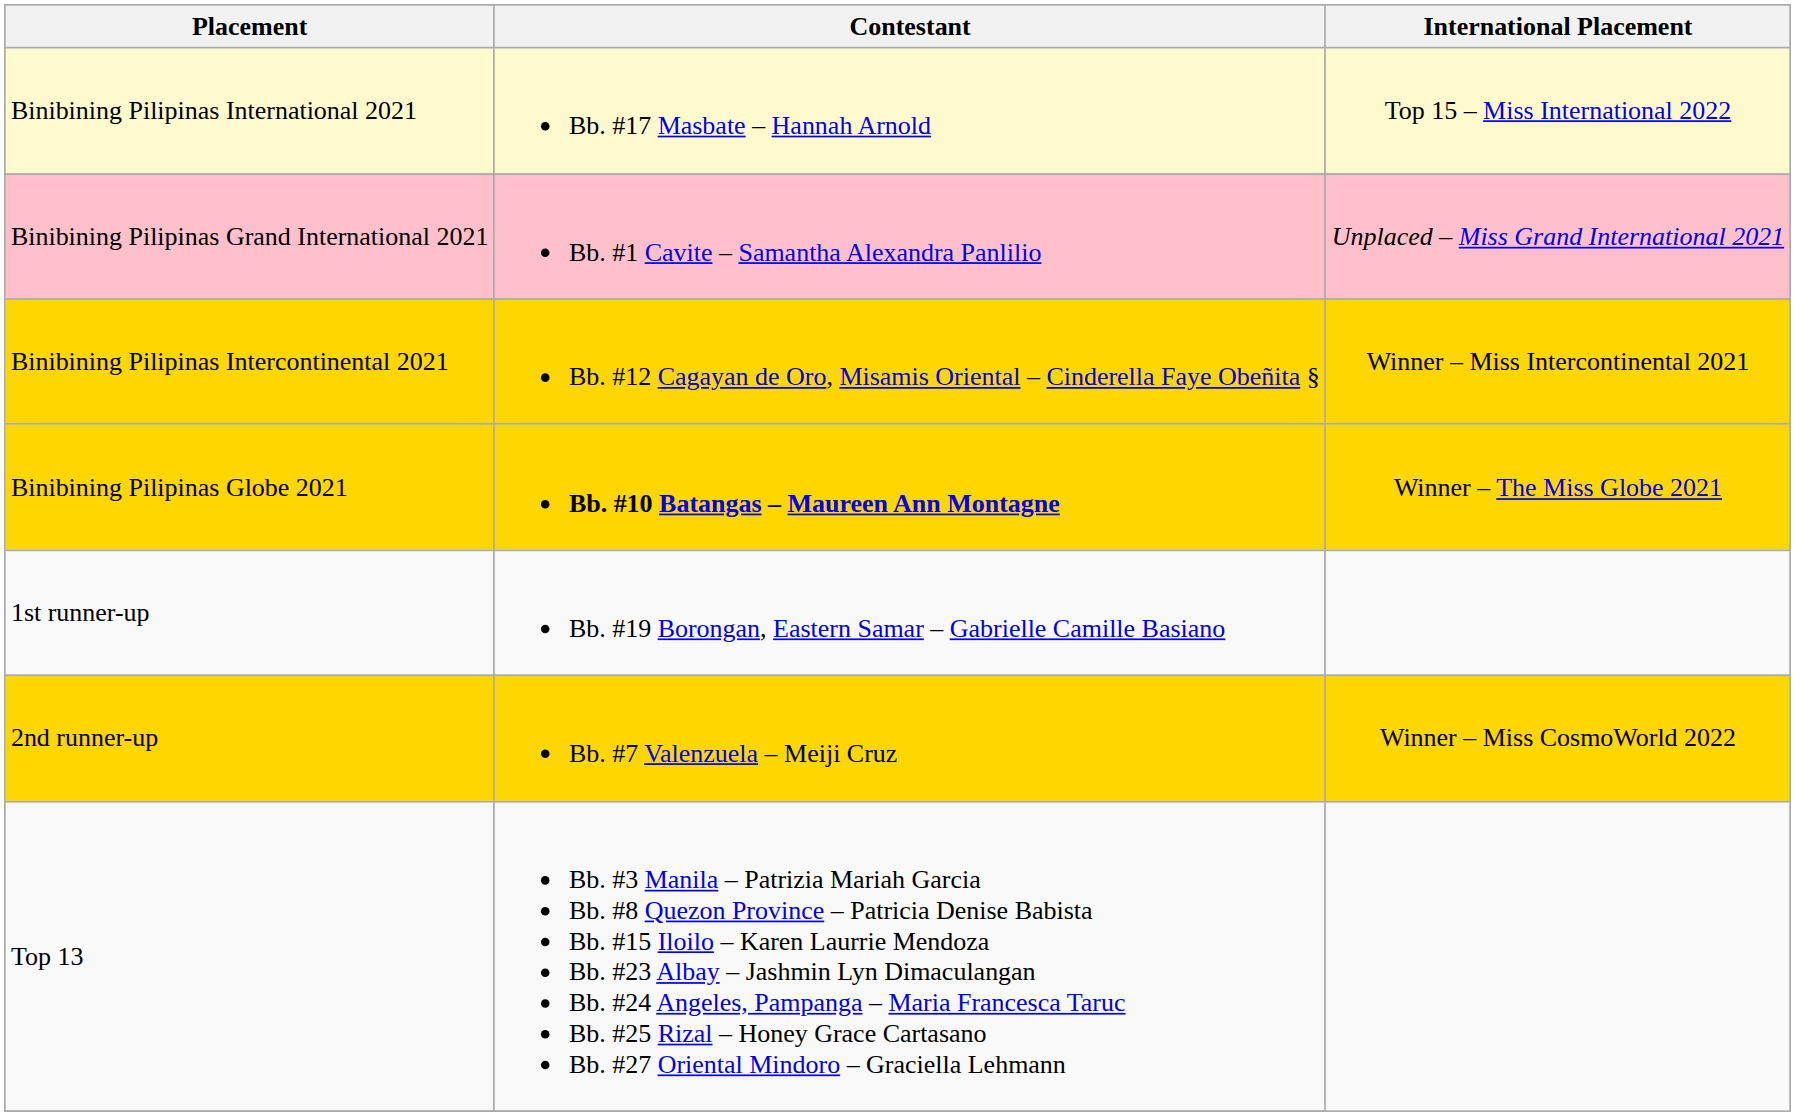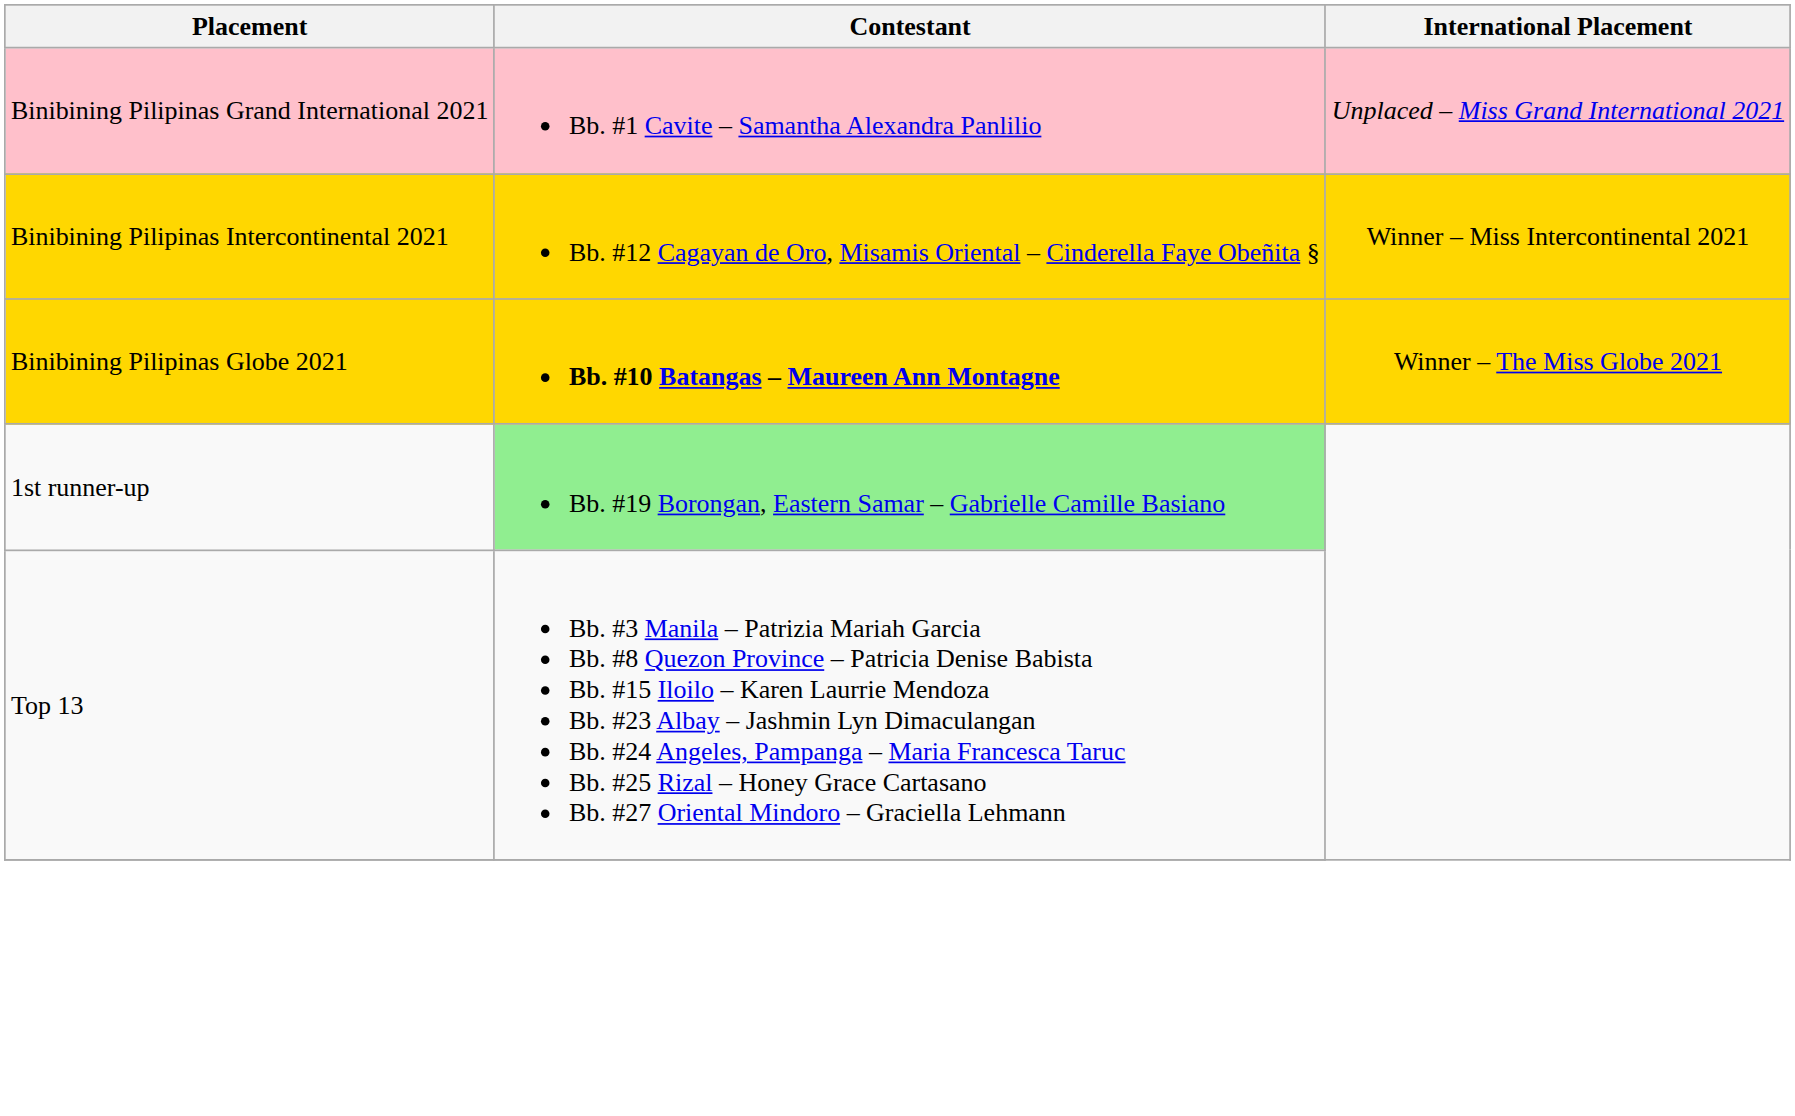 <table class="wikitable sortable" style="font-size:95%;">
 <tr>
 <th>Placement</th>
 <th>Contestant</th>
 <th>International Placement</th>
-</tr>
-<tr style="background:#FFFACD;">
-<td>Binibining Pilipinas International 2021</td>
-<td><br><ul><li>Bb. #17 <a href='#'>Masbate</a> – <a href='#'>Hannah Arnold</a></li></ul></td>
-<td align=center>Top 15 – <a href='#'>Miss International 2022</a></td>
 </tr>
 <tr style="background:pink;">
 <td>Binibining Pilipinas Grand International 2021</td>
 <td><br><ul><li>Bb. #1 <a href='#'>Cavite</a> – <a href='#'>Samantha Alexandra Panlilio</a></li></ul></td>
 <td align=center><em>Unplaced – <a href='#'>Miss Grand International 2021</a></em></td>
 </tr>
 <tr style="background:gold;">
 <td>Binibining Pilipinas Intercontinental 2021</td>
 <td><br><ul><li>Bb. #12 <a href='#'>Cagayan de Oro</a>, <a href='#'>Misamis Oriental</a> – <a href='#'>Cinderella Faye Obeñita</a> §</li></ul></td>
 <td align=center>Winner – Miss Intercontinental 2021</td>
 </tr>
 <tr style="background:gold;">
 <td>Binibining Pilipinas Globe 2021</td>
 <td><strong><br><ul><li>Bb. #10 <a href='#'>Batangas</a> – <a href='#'>Maureen Ann Montagne</a></li></ul></strong></td>
 <td align=center>Winner – <a href='#'>The Miss Globe 2021</a></td>
 </tr>
 <tr>
 <td>1st runner-up</td>
-<td><br><ul><li>Bb. #19 <a href='#'>Borongan</a>, <a href='#'>Eastern Samar</a> – <a href='#'>Gabrielle Camille Basiano</a></li></ul></td>
-</tr>
-<tr style="background:gold;">
-<td>2nd runner-up</td>
-<td><br><ul><li>Bb. #7 <a href='#'>Valenzuela</a> – Meiji Cruz<br><em></em></li></ul></td>
-<td align=center>Winner – Miss CosmoWorld 2022</td>
+<td style="background: lightgreen;"><br><ul><li>Bb. #19 <a href='#'>Borongan</a>, <a href='#'>Eastern Samar</a> – <a href='#'>Gabrielle Camille Basiano</a></li></ul></td>
 </tr>
 <tr>
 <td>Top 13</td>
 <td><br><ul><li>Bb. #3 <a href='#'>Manila</a> – Patrizia Mariah Garcia</li><li>Bb. #8 <a href='#'>Quezon Province</a> – Patricia Denise Babista</li><li>Bb. #15 <a href='#'>Iloilo</a> – Karen Laurrie Mendoza</li><li>Bb. #23 <a href='#'>Albay</a> – Jashmin Lyn Dimaculangan</li><li>Bb. #24 <a href='#'>Angeles, Pampanga</a> – <a href='#'>Maria Francesca Taruc</a></li><li>Bb. #25 <a href='#'>Rizal</a> – Honey Grace Cartasano</li><li>Bb. #27 <a href='#'>Oriental Mindoro</a> – Graciella Lehmann</li></ul></td>
 </tr>
 <tr>
 </tr>
 </table>
